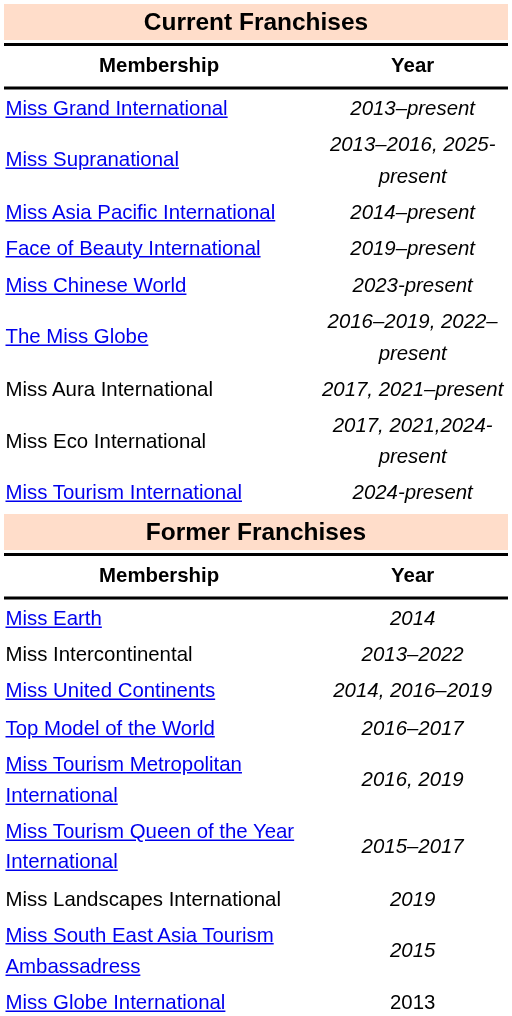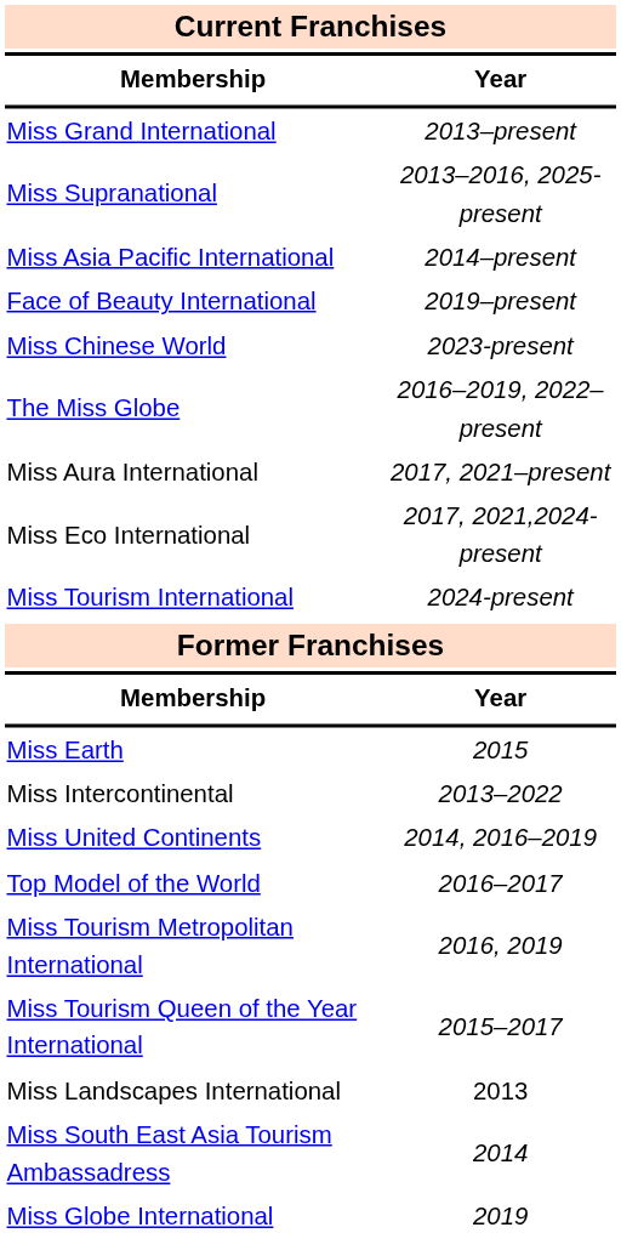 <table class="toccolours floatright" style="width: 25em; font-size:85%; line-height:1.5em;">
 <tr>
 <th colspan="2" align="center" style="background:#FFDDCA;"><big>Current Franchises</big></th>
 </tr>
 <tr>
 <td colspan="2" style="background:black"></td>
 </tr>
 <tr>
 <th scope="col">Membership</th>
 <th scope="col">Year</th>
 </tr>
 <tr>
 <td colspan="2" style="background:black"></td>
 </tr>
 <tr>
 <td align="left"><a href='#'>Miss Grand International</a></td>
 <td align="center"><em>2013–present</em></td>
 </tr>
 <tr>
 <td align="left"><a href='#'>Miss Supranational</a></td>
 <td align="center"><em>2013–2016, 2025-present</em></td>
 </tr>
 <tr>
 <td align="left"><a href='#'>Miss Asia Pacific International</a></td>
 <td align="center"><em>2014–present</em></td>
 </tr>
 <tr>
 <td align="left"><a href='#'>Face of Beauty International</a></td>
 <td align="center"><em>2019–present</em></td>
 </tr>
 <tr>
 <td align="left"><a href='#'>Miss Chinese World</a></td>
 <td align="center"><em>2023-present</em></td>
 </tr>
 <tr>
 <td align="left"><a href='#'>The Miss Globe</a></td>
 <td align="center"><em>2016–2019, 2022–present</em></td>
 </tr>
 <tr>
 <td align="left">Miss Aura International</td>
 <td align="center"><em>2017, 2021–present</em></td>
 </tr>
 <tr>
 <td align="left">Miss Eco International</td>
 <td align="center"><em>2017, 2021,2024-present</em></td>
 </tr>
 <tr>
 <td align="left"><a href='#'>Miss Tourism International</a></td>
 <td align="center"><em>2024-present</em></td>
 </tr>
 <tr>
 <th colspan="2" align="center" style="background:#FFDDCA;"><big>Former Franchises</big></th>
 </tr>
 <tr>
 <td colspan="2" style="background:black"></td>
 </tr>
 <tr>
 <th scope="col">Membership</th>
 <th scope="col">Year</th>
 </tr>
 <tr>
 <td colspan="2" style="background:black"></td>
 </tr>
 <tr>
 <td align="left"><a href='#'>Miss Earth</a></td>
-<td align="center"><em>2014</em></td>
+<td align="center"><em>2015</em></td>
 </tr>
 <tr>
 <td align="left">Miss Intercontinental</td>
 <td align="center"><em>2013–2022</em></td>
 </tr>
 <tr>
 <td align="left"><a href='#'>Miss United Continents</a></td>
 <td align="center"><em>2014, 2016–2019</em></td>
 </tr>
 <tr>
 <td align="left"><a href='#'>Top Model of the World</a></td>
 <td align="center"><em>2016–2017</em></td>
 </tr>
 <tr>
 <td align="left"><a href='#'>Miss Tourism Metropolitan International</a></td>
 <td align="center"><em>2016, 2019</em></td>
 </tr>
 <tr>
 <td align="left"><a href='#'>Miss Tourism Queen of the Year International</a></td>
 <td align="center"><em>2015–2017</em></td>
 </tr>
 <tr>
 <td align="left">Miss Landscapes International</td>
-<td align="center"><em>2019</em></td>
+<td align="center">2013</td>
 </tr>
 <tr>
 <td align="left"><a href='#'>Miss South East Asia Tourism Ambassadress</a></td>
-<td align="center"><em>2015</em></td>
+<td align="center"><em>2014</em></td>
 </tr>
 <tr>
 <td><a href='#'>Miss Globe International</a></td>
-<td align="center">2013</td>
+<td align="center"><em>2019</em></td>
 </tr>
 <tr>
 </tr>
 </table>
